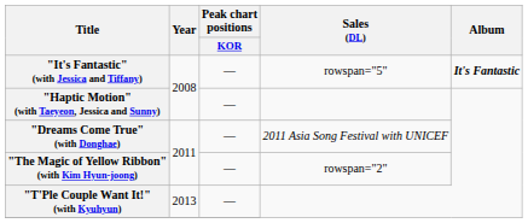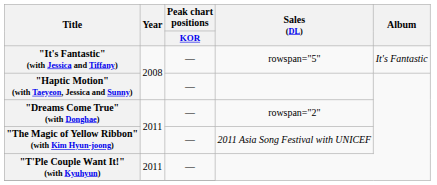 <table class="wikitable plainrowheaders" style="text-align:center;">
 <tr>
 <th rowspan=2>Title</th>
 <th rowspan=2>Year</th>
 <th>Peak chart<br>positions</th>
 <th rowspan=2>Sales<br><small>(<a href='#'>DL</a>)</small></th>
 <th rowspan=2>Album</th>
 </tr>
 <tr>
 <th style="font-size:90%;"><a href='#'>KOR</a><br></th>
 </tr>
 <tr>
 <th scope=row>"It's Fantastic"<br><small>(with <a href='#'>Jessica</a> and <a href='#'>Tiffany</a>)</small></th>
 <td rowspan=2>2008</td>
 <td>—</td>
 <td>rowspan="5" </td>
-<td><strong><em>It's Fantastic</em></strong></td>
+<td><em>It's Fantastic</em></td>
 </tr>
 <tr>
 <th scope=row>"Haptic Motion"<br><small>(with <a href='#'>Taeyeon</a>, Jessica and <a href='#'>Sunny</a>)</small></th>
 <td>—</td>
 <td></td>
 </tr>
 <tr>
 <th scope=row>"Dreams Come True"<br><small>(with <a href='#'>Donghae</a>)</small></th>
 <td rowspan=2>2011</td>
 <td>—</td>
-<td><em>2011 Asia Song Festival with UNICEF</em></td>
+<td>rowspan="2" </td>
 </tr>
 <tr>
 <th scope=row>"The Magic of Yellow Ribbon"<br><small>(with <a href='#'>Kim Hyun-joong</a>)</small></th>
 <td>—</td>
-<td>rowspan="2" </td>
+<td><em>2011 Asia Song Festival with UNICEF</em></td>
 </tr>
 <tr>
 <th scope=row>"T'Ple Couple Want It!"<br><small>(with <a href='#'>Kyuhyun</a>)</small></th>
-<td>2013</td>
+<td>2011</td>
 <td>—</td>
 </tr>
 <tr>
 </tr>
 </table>
